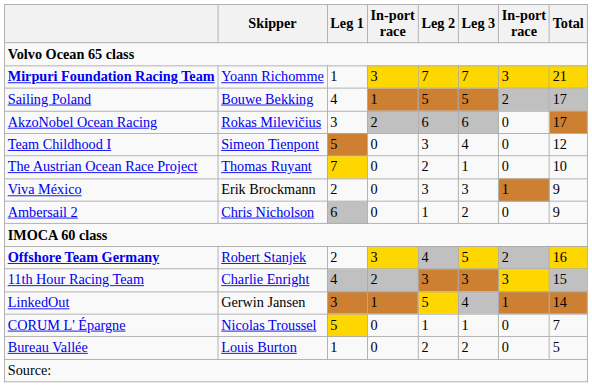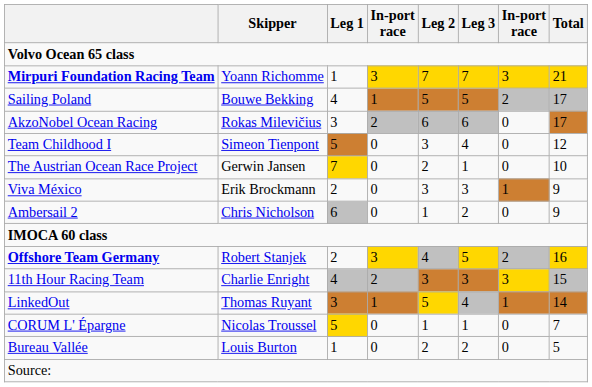 <table class="wikitable">
 <tr>
 <th></th>
 <th>Skipper</th>
 <th>Leg 1<br></th>
 <th>In-port<br>race </th>
 <th>Leg 2<br></th>
 <th>Leg 3<br></th>
 <th>In-port<br>race </th>
 <th>Total</th>
 </tr>
 <tr>
 <td colspan="8"><strong>Volvo Ocean 65 class</strong></td>
 </tr>
 <tr>
 <td align="left"><strong> <a href='#'>Mirpuri Foundation Racing Team</a></strong></td>
 <td><a href='#'>Yoann Richomme</a></td>
 <td>1</td>
 <td style="background-color: gold;">3</td>
 <td style="background-color: gold;">7</td>
 <td style="background-color: gold;">7</td>
 <td style="background-color: gold;">3</td>
 <td style="background-color: gold;">21</td>
 </tr>
 <tr>
 <td align="left"> <a href='#'>Sailing Poland</a></td>
 <td><a href='#'>Bouwe Bekking</a></td>
 <td>4</td>
 <td style="background-color: #cd7f32;">1</td>
 <td style="background-color: #cd7f32;">5</td>
 <td style="background-color: #cd7f32;">5</td>
 <td style="background-color: silver;">2</td>
 <td style="background-color: silver;">17</td>
 </tr>
 <tr>
 <td align="left"> <a href='#'>AkzoNobel Ocean Racing</a></td>
 <td><a href='#'>Rokas Milevičius</a></td>
 <td>3</td>
 <td style="background-color: silver;">2</td>
 <td style="background-color: silver;">6</td>
 <td style="background-color: silver;">6</td>
 <td>0</td>
 <td style="background-color: #cd7f32;">17</td>
 </tr>
 <tr>
 <td align="left"> <a href='#'>Team Childhood I</a></td>
 <td><a href='#'>Simeon Tienpont</a></td>
 <td style="background-color: #cd7f32;">5</td>
 <td>0</td>
 <td>3</td>
 <td>4</td>
 <td>0</td>
 <td>12</td>
 </tr>
 <tr>
 <td> <a href='#'>The Austrian Ocean Race Project</a></td>
-<td><a href='#'>Thomas Ruyant</a></td>
+<td>Gerwin Jansen</td>
 <td style="background-color: gold;">7</td>
 <td>0</td>
 <td>2</td>
 <td>1</td>
 <td>0</td>
 <td>10</td>
 </tr>
 <tr>
 <td align="left"> <a href='#'>Viva México</a></td>
 <td>Erik Brockmann</td>
 <td>2</td>
 <td>0</td>
 <td>3</td>
 <td>3</td>
 <td style="background-color: #cd7f32;">1</td>
 <td>9</td>
 </tr>
 <tr>
 <td align="left"> <a href='#'>Ambersail 2</a></td>
 <td><a href='#'>Chris Nicholson</a></td>
 <td style="background-color: silver;">6</td>
 <td>0</td>
 <td>1</td>
 <td>2</td>
 <td>0</td>
 <td>9</td>
 </tr>
 <tr>
 <td colspan="8"><strong>IMOCA 60 class</strong></td>
 </tr>
 <tr>
 <td align="left"><strong> <a href='#'>Offshore Team Germany</a></strong></td>
 <td><a href='#'>Robert Stanjek</a></td>
 <td>2</td>
 <td style="background-color: gold;">3</td>
 <td style="background-color: silver;">4</td>
 <td style="background-color: gold;">5</td>
 <td style="background-color: silver;">2</td>
 <td style="background-color: gold;">16</td>
 </tr>
 <tr>
 <td align="left"> <a href='#'>11th Hour Racing Team</a></td>
 <td><a href='#'>Charlie Enright</a></td>
 <td style="background-color: silver;">4</td>
 <td style="background-color: silver;">2</td>
 <td style="background-color: #cd7f32;">3</td>
 <td style="background-color: #cd7f32;">3</td>
 <td style="background-color: gold;">3</td>
 <td style="background-color: silver;">15</td>
 </tr>
 <tr>
 <td align="left"> <a href='#'>LinkedOut</a></td>
-<td>Gerwin Jansen</td>
+<td><a href='#'>Thomas Ruyant</a></td>
 <td style="background-color: #cd7f32;">3</td>
 <td style="background-color: #cd7f32;">1</td>
 <td style="background-color: gold;">5</td>
 <td style="background-color: silver;">4</td>
 <td style="background-color: #cd7f32;">1</td>
 <td style="background-color: #cd7f32;">14</td>
 </tr>
 <tr>
 <td align="left"> <a href='#'>CORUM L' Épargne</a></td>
 <td><a href='#'>Nicolas Troussel</a></td>
 <td style="background-color: gold;">5</td>
 <td>0</td>
 <td>1</td>
 <td>1</td>
 <td>0</td>
 <td>7</td>
 </tr>
 <tr>
 <td align="left"> <a href='#'>Bureau Vallée</a></td>
 <td><a href='#'>Louis Burton</a></td>
 <td>1</td>
 <td>0</td>
 <td>2</td>
 <td>2</td>
 <td>0</td>
 <td>5</td>
 </tr>
 <tr>
 <td colspan="8">Source:</td>
 </tr>
 </table>
